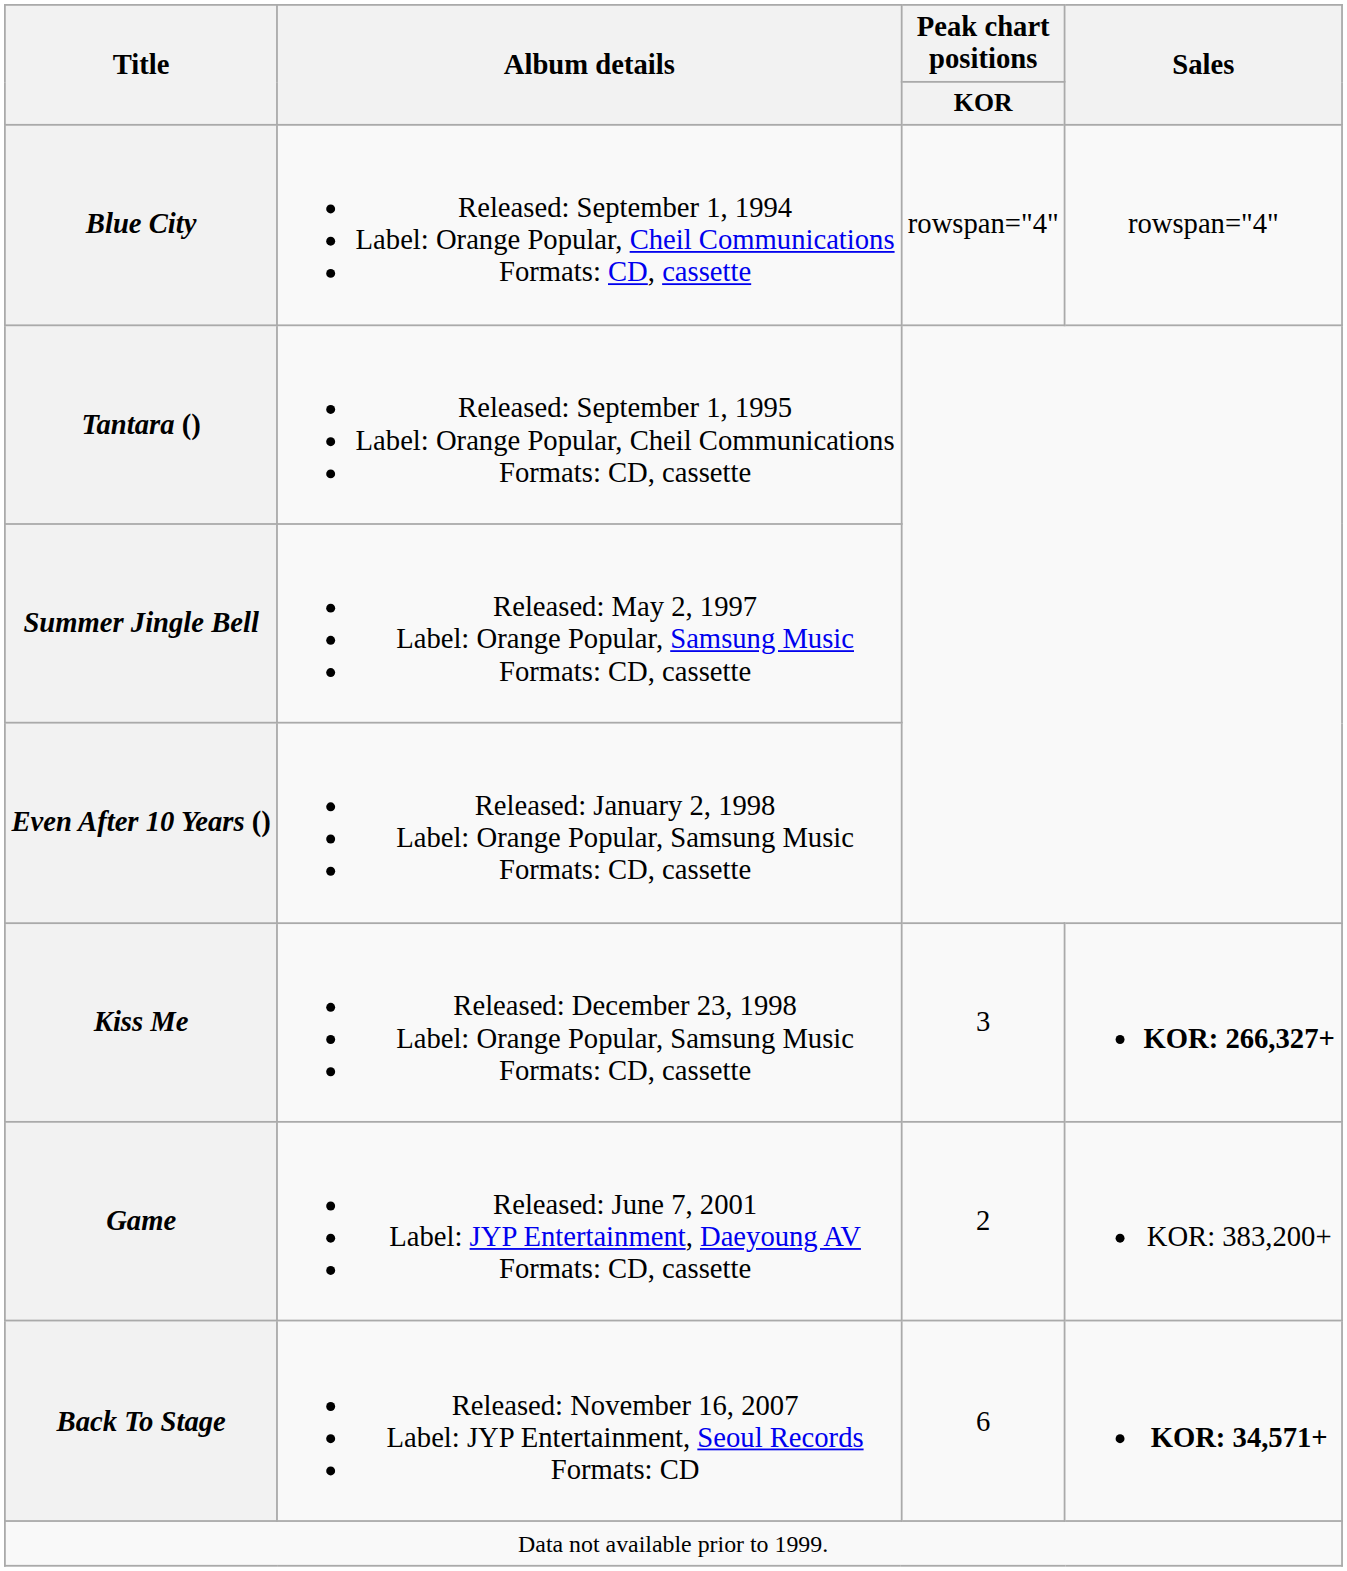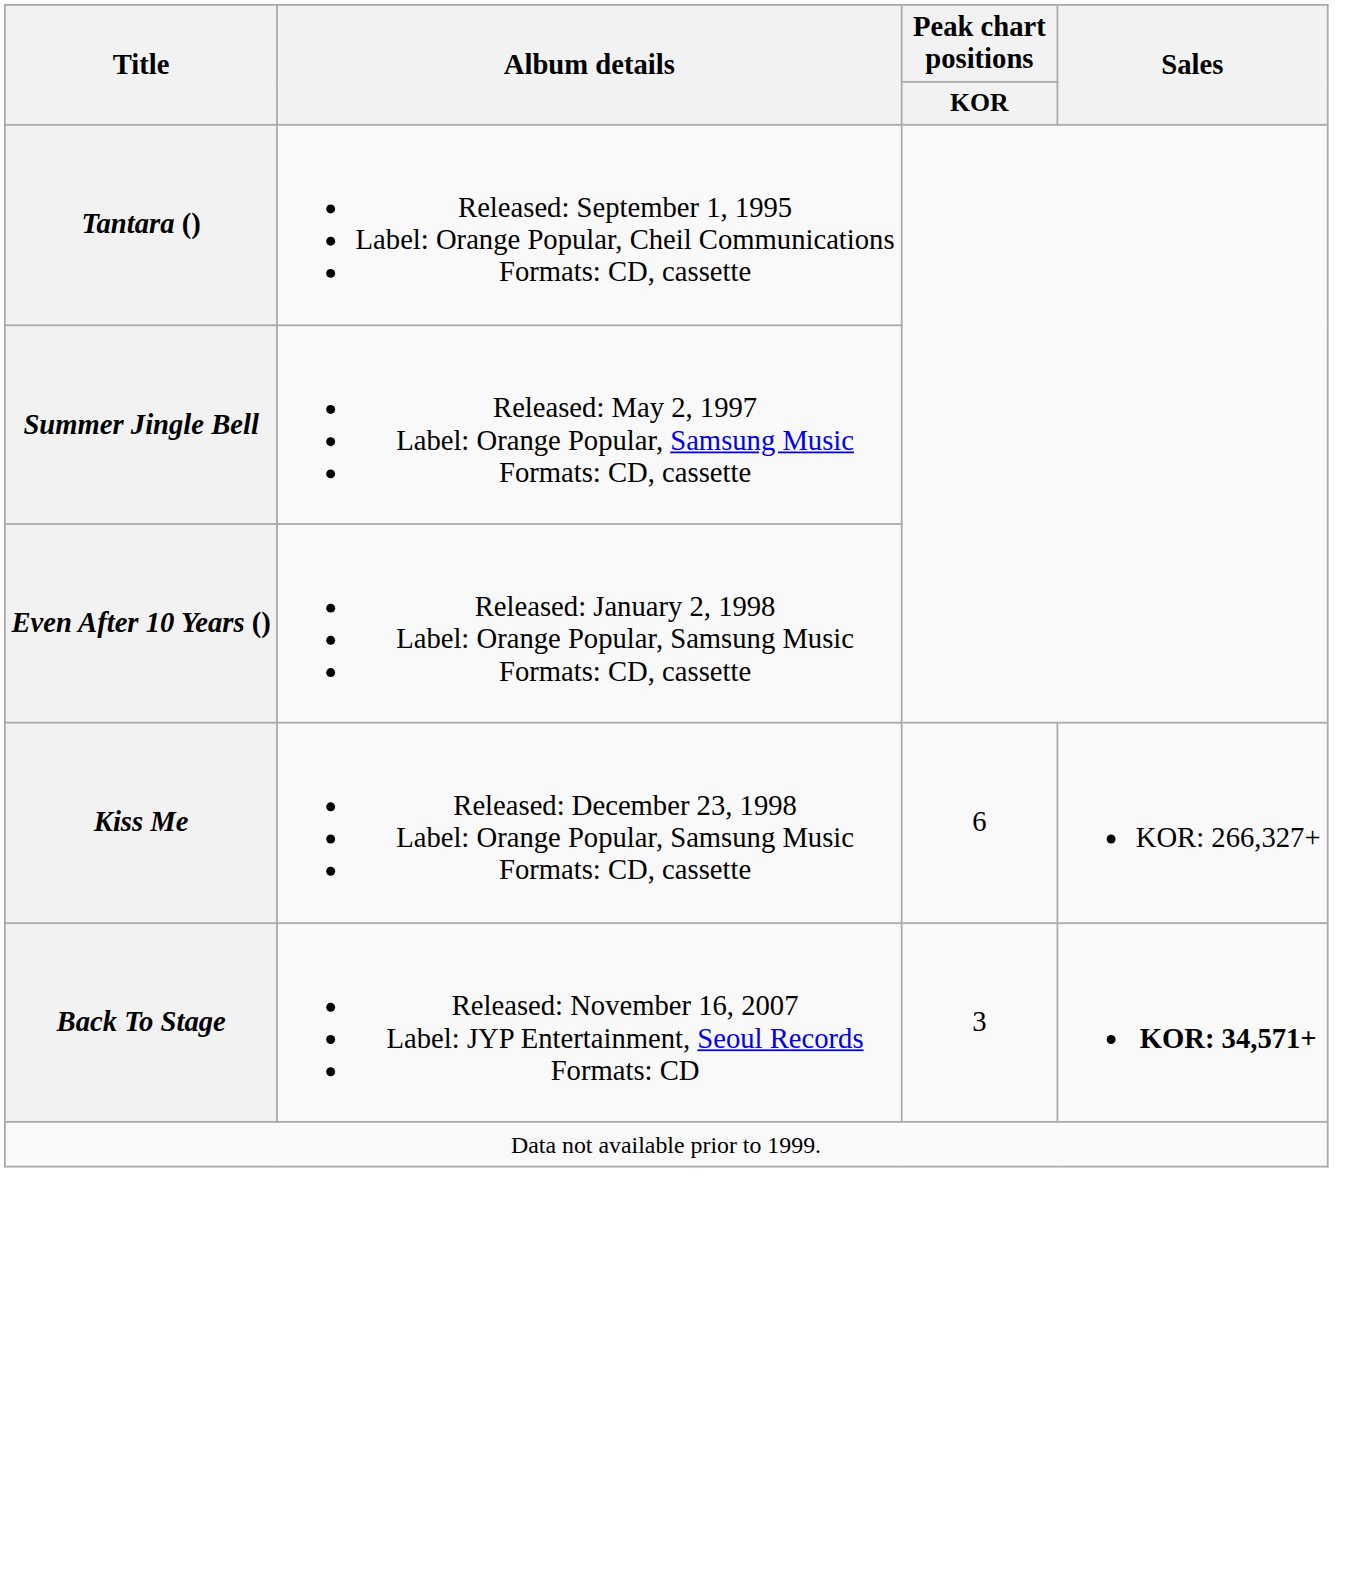 <table class="wikitable plainrowheaders" style="text-align:center;">
 <tr>
 <th scope="col" rowspan="2">Title</th>
 <th scope="col" rowspan="2">Album details</th>
 <th scope="col" colspan="1" style="width:5em;">Peak chart positions</th>
 <th scope="col" rowspan="2">Sales</th>
 </tr>
 <tr>
 <th scope="col" style="width:3em;font-size:90%;">KOR<br></th>
-</tr>
-<tr>
-<th scope="row"><em>Blue City</em></th>
-<td><br><ul><li>Released: September 1, 1994</li><li>Label: Orange Popular, <a href='#'>Cheil Communications</a></li><li>Formats: <a href='#'>CD</a>, <a href='#'>cassette</a></li></ul></td>
-<td>rowspan="4" </td>
-<td>rowspan="4" </td>
 </tr>
 <tr>
 <th scope="row"><em>Tantara</em> ()</th>
 <td><br><ul><li>Released: September 1, 1995</li><li>Label: Orange Popular, Cheil Communications</li><li>Formats: CD, cassette</li></ul></td>
 </tr>
 <tr>
 <th scope="row"><em>Summer Jingle Bell</em></th>
 <td><br><ul><li>Released: May 2, 1997</li><li>Label: Orange Popular, <a href='#'>Samsung Music</a></li><li>Formats: CD, cassette</li></ul></td>
 </tr>
 <tr>
 <th scope="row"><em>Even After 10 Years</em> ()</th>
 <td><br><ul><li>Released: January 2, 1998</li><li>Label: Orange Popular, Samsung Music</li><li>Formats: CD, cassette</li></ul></td>
 </tr>
 <tr>
 <th scope="row"><em>Kiss Me</em></th>
 <td><br><ul><li>Released: December 23, 1998</li><li>Label: Orange Popular, Samsung Music</li><li>Formats: CD, cassette</li></ul></td>
-<td>3</td>
-<td><strong><br><ul><li>KOR: 266,327+</li></ul></strong></td>
-</tr>
-<tr>
-<th scope="row"><em>Game</em></th>
-<td><br><ul><li>Released: June 7, 2001</li><li>Label: <a href='#'>JYP Entertainment</a>, <a href='#'>Daeyoung AV</a></li><li>Formats: CD, cassette</li></ul></td>
-<td>2</td>
-<td><br><ul><li>KOR: 383,200+</li></ul></td>
+<td>6</td>
+<td><br><ul><li>KOR: 266,327+</li></ul></td>
 </tr>
 <tr>
 <th scope="row"><em>Back To Stage</em></th>
 <td><br><ul><li>Released: November 16, 2007</li><li>Label: JYP Entertainment, <a href='#'>Seoul Records</a></li><li>Formats: CD</li></ul></td>
-<td>6</td>
+<td>3</td>
 <td><strong><br><ul><li>KOR: 34,571+</li></ul></strong></td>
 </tr>
 <tr>
 <td colspan="4" align="center"><small>Data not available prior to 1999.</small></td>
 </tr>
 </table>
